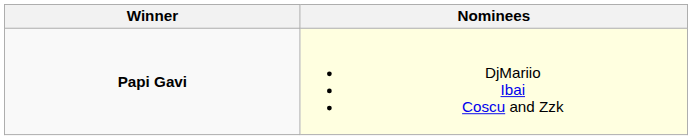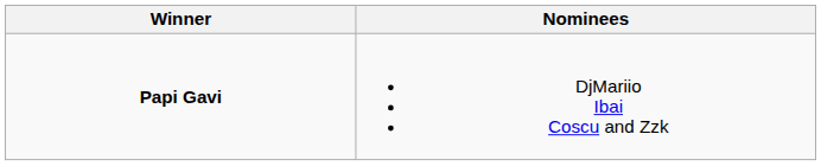 <table class="wikitable" style="text-align:center;">
 <tr>
 <th scope="col" style="width:19em;">Winner</th>
 <th scope="col" style="width:25em;">Nominees</th>
 </tr>
 <tr>
 <td><strong> Papi Gavi</strong></td>
-<td style="background: lightyellow;"><br><ul><li> DjMariio</li><li> <a href='#'>Ibai</a></li><li> <a href='#'>Coscu</a> and  Zzk</li></ul></td>
+<td><br><ul><li> DjMariio</li><li> <a href='#'>Ibai</a></li><li> <a href='#'>Coscu</a> and  Zzk</li></ul></td>
 </tr>
 </table>
